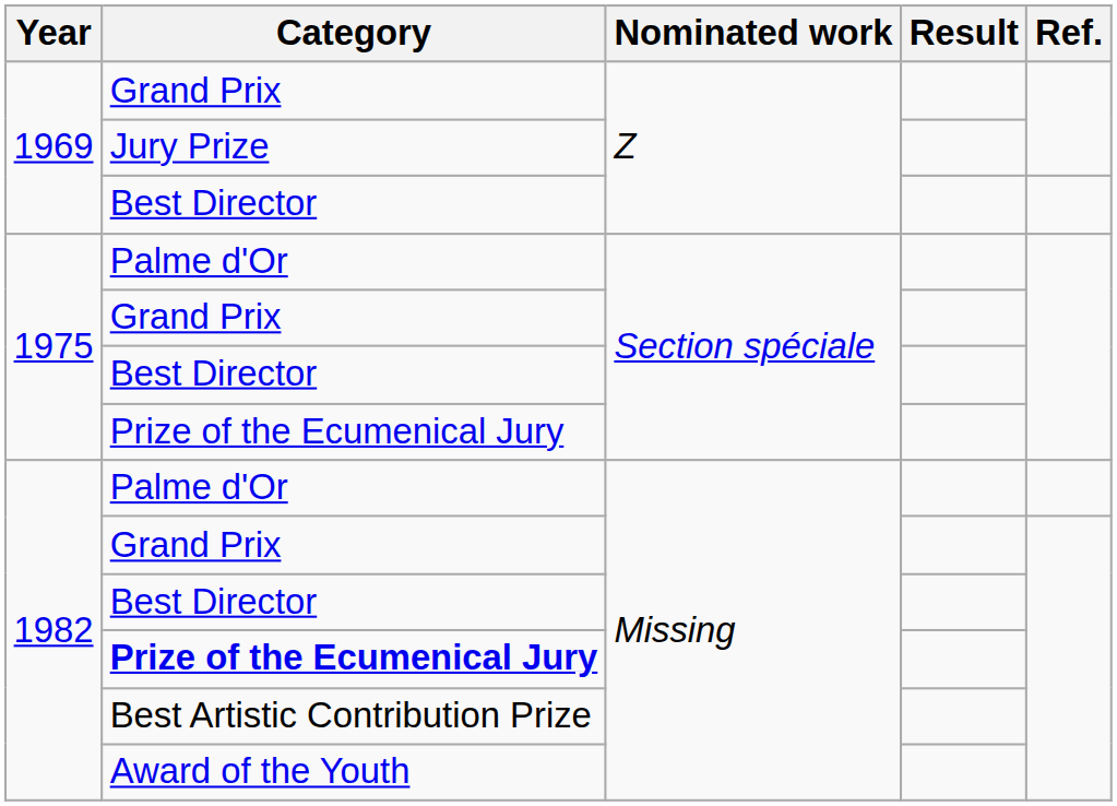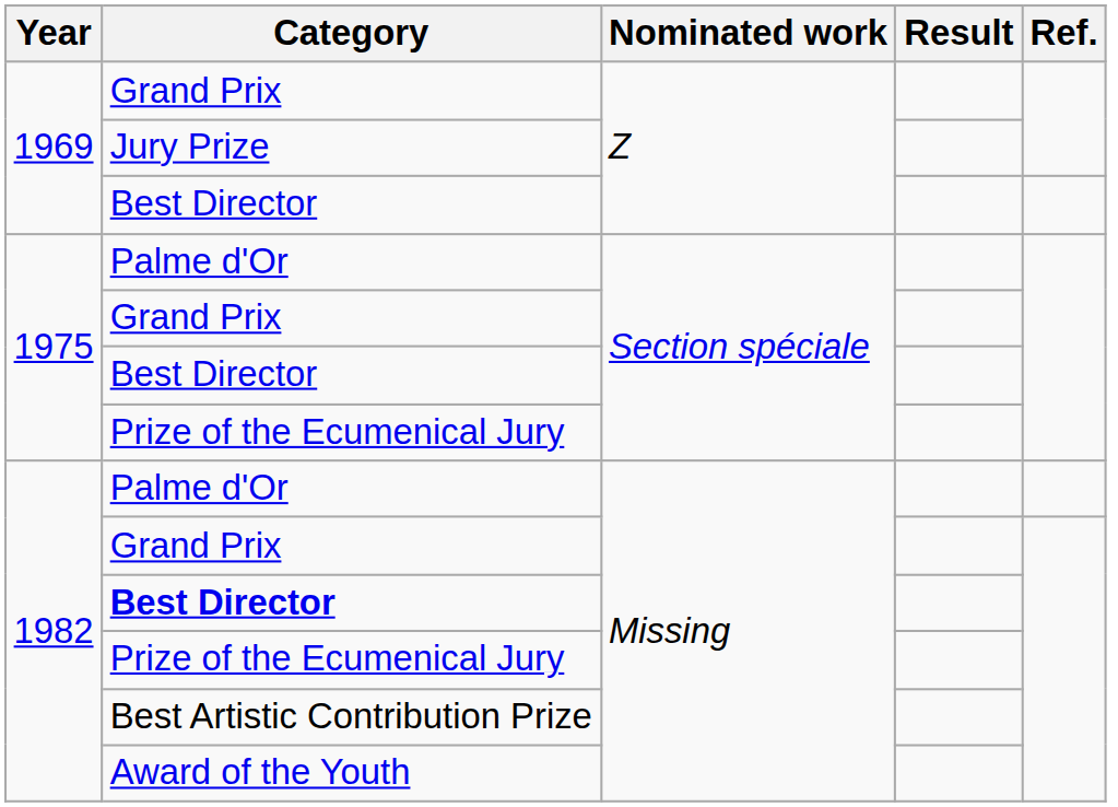 <table class="wikitable sortable">
 <tr>
 <th>Year</th>
 <th>Category</th>
 <th>Nominated work</th>
 <th>Result</th>
 <th>Ref.</th>
 </tr>
 <tr>
 <td rowspan="3"><a href='#'>1969</a></td>
 <td><a href='#'>Grand Prix</a></td>
 <td rowspan="3"><em>Z</em></td>
 <td></td>
 <td rowspan="2"></td>
 </tr>
 <tr>
 <td><a href='#'>Jury Prize</a></td>
 <td></td>
 </tr>
 <tr>
 <td><a href='#'>Best Director</a></td>
 <td></td>
 <td></td>
 </tr>
 <tr>
 <td rowspan="4"><a href='#'>1975</a></td>
 <td><a href='#'>Palme d'Or</a></td>
 <td rowspan="4"><em><a href='#'>Section spéciale</a></em></td>
 <td></td>
 <td rowspan="4"></td>
 </tr>
 <tr>
 <td><a href='#'>Grand Prix</a></td>
 <td></td>
 </tr>
 <tr>
 <td><a href='#'>Best Director</a></td>
 <td></td>
 </tr>
 <tr>
 <td><a href='#'>Prize of the Ecumenical Jury</a></td>
 <td></td>
 </tr>
 <tr>
 <td rowspan="6"><a href='#'>1982</a></td>
 <td><a href='#'>Palme d'Or</a></td>
 <td rowspan="6"><em>Missing</em></td>
 <td></td>
 <td></td>
 </tr>
 <tr>
 <td><a href='#'>Grand Prix</a></td>
 <td></td>
 <td rowspan="5"></td>
 </tr>
 <tr>
-<td><a href='#'>Best Director</a></td>
+<td><strong><a href='#'>Best Director</a></strong></td>
 <td></td>
 </tr>
 <tr>
-<td><strong><a href='#'>Prize of the Ecumenical Jury</a></strong></td>
+<td><a href='#'>Prize of the Ecumenical Jury</a></td>
 <td></td>
 </tr>
 <tr>
 <td>Best Artistic Contribution Prize</td>
 <td></td>
 </tr>
 <tr>
 <td><a href='#'>Award of the Youth</a></td>
 <td></td>
 </tr>
 </table>
